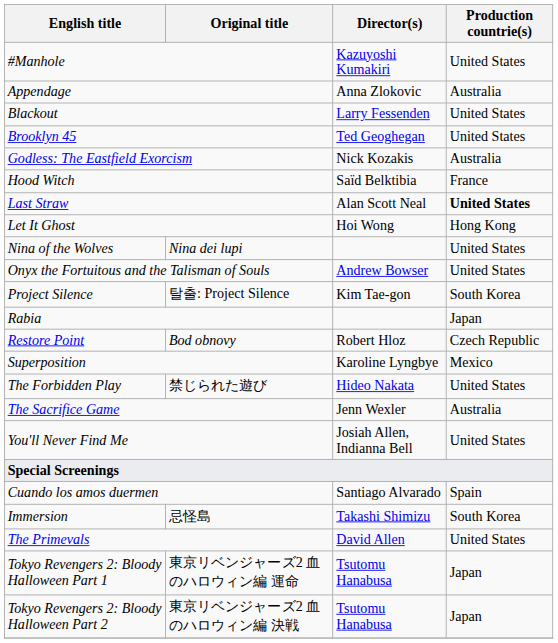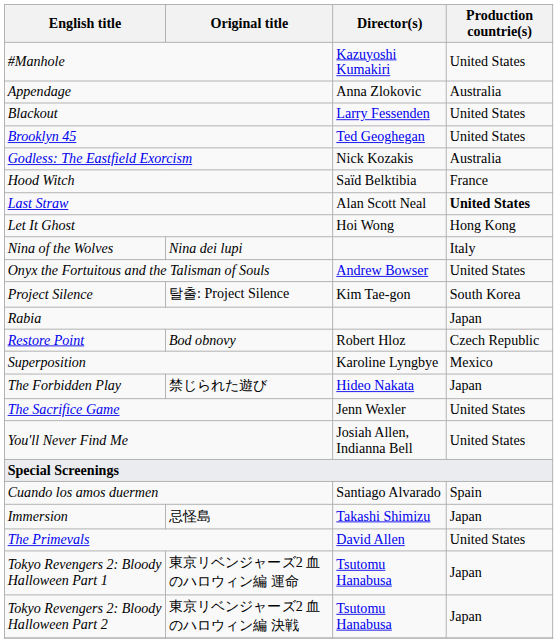 <table class="sortable wikitable" style="width:100%; margin-bottom:4px" cellpadding="5">
 <tr>
 <th scope="col">English title</th>
 <th scope="col">Original title</th>
 <th scope="col">Director(s)</th>
 <th scope="col">Production countrie(s)</th>
 </tr>
 <tr>
 <td colspan="2"><em>#Manhole</em></td>
 <td><a href='#'>Kazuyoshi Kumakiri</a></td>
 <td>United States</td>
 </tr>
 <tr>
 <td colspan="2"><em>Appendage</em></td>
 <td>Anna Zlokovic</td>
 <td>Australia</td>
 </tr>
 <tr>
 <td colspan="2"><em>Blackout</em></td>
 <td><a href='#'>Larry Fessenden</a></td>
 <td>United States</td>
 </tr>
 <tr>
 <td colspan="2"><em><a href='#'>Brooklyn 45</a></em></td>
 <td><a href='#'>Ted Geoghegan</a></td>
 <td>United States</td>
 </tr>
 <tr>
 <td colspan="2"><em><a href='#'>Godless: The Eastfield Exorcism</a></em></td>
 <td>Nick Kozakis</td>
 <td>Australia</td>
 </tr>
 <tr>
 <td colspan="2"><em>Hood Witch</em></td>
 <td>Saïd Belktibia</td>
 <td>France</td>
 </tr>
 <tr>
 <td colspan="2"><em><a href='#'>Last Straw</a></em></td>
 <td>Alan Scott Neal</td>
 <td><strong>United States</strong></td>
 </tr>
 <tr>
 <td colspan="2"><em>Let It Ghost</em></td>
 <td>Hoi Wong</td>
 <td>Hong Kong</td>
 </tr>
 <tr>
 <td><em>Nina of the Wolves</em></td>
 <td><em>Nina dei lupi</em></td>
 <td></td>
-<td>United States</td>
+<td>Italy</td>
 </tr>
 <tr>
 <td colspan="2"><em>Onyx the Fortuitous and the Talisman of Souls</em></td>
 <td><a href='#'>Andrew Bowser</a></td>
 <td>United States</td>
 </tr>
 <tr>
 <td><em>Project Silence</em></td>
 <td>탈출: Project Silence</td>
 <td>Kim Tae-gon</td>
 <td>South Korea</td>
 </tr>
 <tr>
 <td colspan="2"><em>Rabia</em></td>
 <td></td>
 <td>Japan</td>
 </tr>
 <tr>
 <td><em><a href='#'>Restore Point</a></em></td>
 <td><em>Bod obnovy</em></td>
 <td>Robert Hloz</td>
 <td>Czech Republic</td>
 </tr>
 <tr>
 <td colspan="2"><em>Superposition</em></td>
 <td>Karoline Lyngbye</td>
 <td>Mexico</td>
 </tr>
 <tr>
 <td><em>The Forbidden Play</em></td>
 <td>禁じられた遊び</td>
 <td><a href='#'>Hideo Nakata</a></td>
-<td>United States</td>
+<td>Japan</td>
 </tr>
 <tr>
 <td colspan="2"><em><a href='#'>The Sacrifice Game</a></em></td>
 <td>Jenn Wexler</td>
-<td>Australia</td>
+<td>United States</td>
 </tr>
 <tr>
 <td colspan="2"><em>You'll Never Find Me</em></td>
 <td>Josiah Allen, Indianna Bell</td>
 <td>United States</td>
 </tr>
 <tr>
 <td colspan=4 class="center" style="padding-center:120px; background-color:#EAECF0"><strong>Special Screenings</strong></td>
 </tr>
 <tr>
 <td colspan="2"><em>Cuando los amos duermen</em></td>
 <td>Santiago Alvarado</td>
 <td>Spain</td>
 </tr>
 <tr>
 <td><em>Immersion</em></td>
 <td>忌怪島</td>
 <td><a href='#'>Takashi Shimizu</a></td>
-<td>South Korea</td>
+<td>Japan</td>
 </tr>
 <tr>
 <td colspan="2"><em><a href='#'>The Primevals</a></em></td>
 <td><a href='#'>David Allen</a></td>
 <td>United States</td>
 </tr>
 <tr>
 <td><em>Tokyo Revengers 2: Bloody Halloween Part 1</em></td>
 <td>東京リベンジャーズ2 血のハロウィン編 運命</td>
 <td><a href='#'>Tsutomu Hanabusa</a></td>
 <td>Japan</td>
 </tr>
 <tr>
 <td><em>Tokyo Revengers 2: Bloody Halloween Part 2</em></td>
 <td>東京リベンジャーズ2 血のハロウィン編 決戦</td>
 <td><a href='#'>Tsutomu Hanabusa</a></td>
 <td>Japan</td>
 </tr>
 <tr>
 </tr>
 </table>
